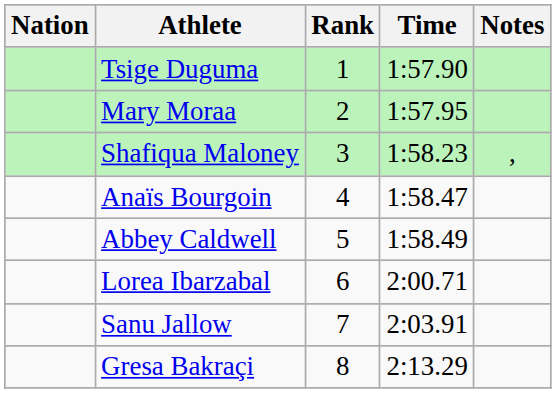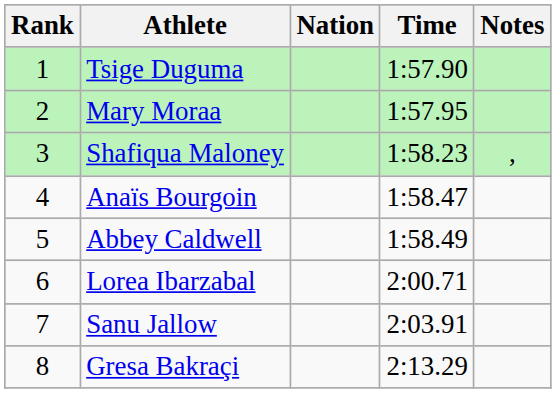 <table class="wikitable sortable" style="text-align:center;">
 <tr>
+<th>Rank</th>
+<th>Athlete</th>
 <th>Nation</th>
-<th>Athlete</th>
-<th>Rank</th>
 <th>Time</th>
 <th>Notes</th>
 </tr>
 <tr bgcolor=bbf3bb>
+<td>1</td>
+<td align=left><a href='#'>Tsige Duguma</a></td>
 <td align=left></td>
-<td align=left><a href='#'>Tsige Duguma</a></td>
-<td>1</td>
 <td>1:57.90</td>
 <td></td>
 </tr>
 <tr bgcolor=bbf3bb>
+<td>2</td>
+<td align=left><a href='#'>Mary Moraa</a></td>
 <td align=left></td>
-<td align=left><a href='#'>Mary Moraa</a></td>
-<td>2</td>
 <td>1:57.95</td>
 <td></td>
 </tr>
 <tr bgcolor=bbf3bb>
+<td>3</td>
+<td align=left><a href='#'>Shafiqua Maloney</a></td>
 <td align=left></td>
-<td align=left><a href='#'>Shafiqua Maloney</a></td>
-<td>3</td>
 <td>1:58.23</td>
 <td>, </td>
 </tr>
 <tr>
+<td>4</td>
+<td align=left><a href='#'>Anaïs Bourgoin</a></td>
 <td align=left></td>
-<td align=left><a href='#'>Anaïs Bourgoin</a></td>
-<td>4</td>
 <td>1:58.47</td>
 <td></td>
 </tr>
 <tr>
+<td>5</td>
+<td align=left><a href='#'>Abbey Caldwell</a></td>
 <td align=left></td>
-<td align=left><a href='#'>Abbey Caldwell</a></td>
-<td>5</td>
 <td>1:58.49</td>
 <td></td>
 </tr>
 <tr>
+<td>6</td>
+<td align=left><a href='#'>Lorea Ibarzabal</a></td>
 <td align=left></td>
-<td align=left><a href='#'>Lorea Ibarzabal</a></td>
-<td>6</td>
 <td>2:00.71</td>
 <td></td>
 </tr>
 <tr>
+<td>7</td>
+<td align=left><a href='#'>Sanu Jallow</a></td>
 <td align=left></td>
-<td align=left><a href='#'>Sanu Jallow</a></td>
-<td>7</td>
 <td>2:03.91</td>
 <td></td>
 </tr>
 <tr>
+<td>8</td>
+<td align=left><a href='#'>Gresa Bakraçi</a></td>
 <td align=left></td>
-<td align=left><a href='#'>Gresa Bakraçi</a></td>
-<td>8</td>
 <td>2:13.29</td>
 <td></td>
 </tr>
 </table>
